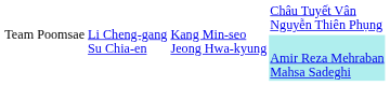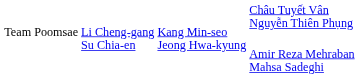 <table>
 <tr>
 <td rowspan=2>Team Poomsae<br></td>
 <td rowspan=2><br><a href='#'>Li Cheng-gang</a><br><a href='#'>Su Chia-en</a></td>
 <td rowspan=2><br><a href='#'>Kang Min-seo</a><br><a href='#'>Jeong Hwa-kyung</a></td>
 <td><br><a href='#'>Châu Tuyết Vân</a><br><a href='#'>Nguyễn Thiên Phụng</a></td>
 </tr>
 <tr>
-<td style="background: paleturquoise;"><br><a href='#'>Amir Reza Mehraban</a><br><a href='#'>Mahsa Sadeghi</a></td>
+<td><br><a href='#'>Amir Reza Mehraban</a><br><a href='#'>Mahsa Sadeghi</a></td>
 </tr>
 </table>
